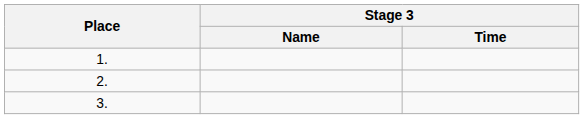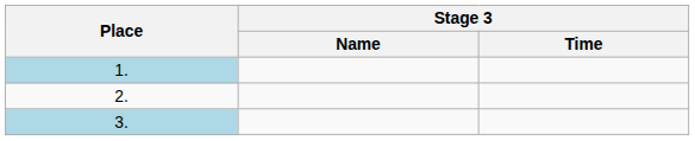 <table class=wikitable style="font-size:95%" width="50%">
 <tr>
 <th rowspan="2">Place</th>
 <th colspan="2">Stage 3</th>
 </tr>
 <tr>
 <th>Name</th>
 <th>Time</th>
 </tr>
 <tr>
-<td align="center">1.</td>
+<td align="center" style="background: lightblue;">1.</td>
 <td></td>
 <td></td>
 </tr>
 <tr>
 <td align="center">2.</td>
 <td></td>
 <td></td>
 </tr>
 <tr>
-<td align="center">3.</td>
+<td align="center" style="background: lightblue;">3.</td>
 <td></td>
 <td></td>
 </tr>
 </table>
